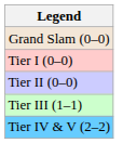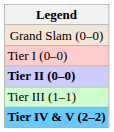 <table class="wikitable sortable mw-collapsible mw-collapsed">
 <tr>
 <th>Legend</th>
 </tr>
 <tr>
 <td align=center colspan=2 style="background:#f3e6d7;">Grand Slam (0–0)</td>
 </tr>
 <tr>
 <td style="background:#fcc;">Tier I (0–0)</td>
 </tr>
 <tr>
-<td style="background:#ccf;">Tier II (0–0)</td>
+<td style="background:#ccf;"><strong>Tier II (0–0)</strong></td>
 </tr>
 <tr>
 <td style="background:#cfc;">Tier III (1–1)</td>
 </tr>
 <tr>
-<td style="background:#6cf;">Tier IV & V (2–2)</td>
+<td style="background:#6cf;"><strong>Tier IV & V (2–2)</strong></td>
 </tr>
 </table>
